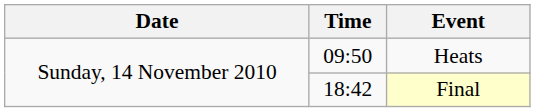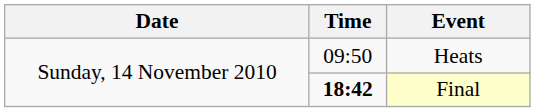 <table class = "wikitable" style="text-align:center;">
 <tr>
 <th width=220>Date</th>
 <th width=50>Time</th>
 <th width=100>Event</th>
 </tr>
 <tr>
 <td rowspan=2>Sunday, 14 November 2010</td>
 <td>09:50</td>
 <td>Heats</td>
 </tr>
 <tr>
-<td>18:42</td>
+<td><strong>18:42</strong></td>
 <td bgcolor=ffffcc>Final</td>
 </tr>
 </table>
